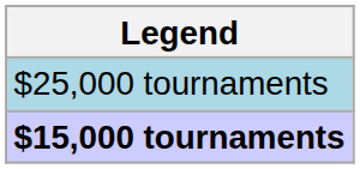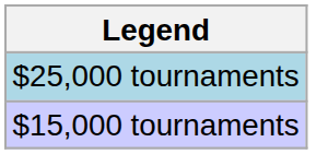 <table class=wikitable style=font-size:85%>
 <tr>
 <th>Legend</th>
 </tr>
 <tr style="background:lightblue;">
 <td>$25,000 tournaments</td>
 </tr>
 <tr style="background:#ccf;">
-<td><strong>$15,000 tournaments</strong></td>
+<td>$15,000 tournaments</td>
 </tr>
 </table>
